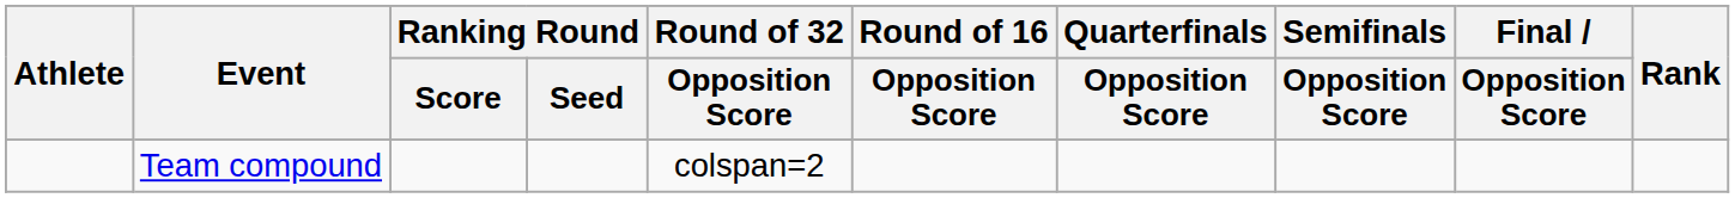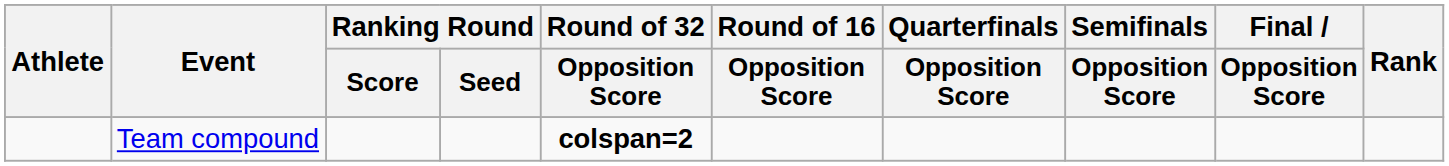 <table class="wikitable" style="font-size:90%">
 <tr>
 <th rowspan="2">Athlete</th>
 <th rowspan="2">Event</th>
 <th colspan="2">Ranking Round</th>
 <th>Round of 32</th>
 <th>Round of 16</th>
 <th>Quarterfinals</th>
 <th>Semifinals</th>
 <th>Final / </th>
 <th rowspan="2">Rank</th>
 </tr>
 <tr style="font-size:95%">
 <th>Score</th>
 <th>Seed</th>
 <th>Opposition<br>Score</th>
 <th>Opposition<br>Score</th>
 <th>Opposition<br>Score</th>
 <th>Opposition<br>Score</th>
 <th>Opposition<br>Score</th>
 </tr>
 <tr align=center>
 <td align=left></td>
 <td align=left><a href='#'>Team compound</a></td>
 <td></td>
 <td></td>
-<td>colspan=2 </td>
+<td><strong>colspan=2 </strong></td>
 <td></td>
 <td></td>
 <td></td>
 <td></td>
 </tr>
 </table>
